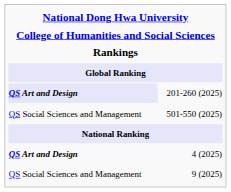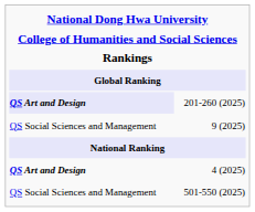 <table class="infobox" style="width:25em; text-align:center; font-size:88%; line-height:2em;">
 <tr>
 <td colspan=2 style="font-size:125%; font-weight:bold; text-align:center"><strong><a href='#'>National Dong Hwa University<br>College of Humanities and Social Sciences</a> Rankings</strong></td>
 </tr>
 <tr>
 <th colspan="2" style="background:lavender ;text-align:center">Global Ranking</th>
 </tr>
 <tr>
 <td style="background: lavender; text-align:left; width:70%"><strong><em><a href='#'>QS</a><em> Art and Design<strong></td>
 <td style="text-align:right;">201-260 (2025)</td>
 </tr>
 <tr>
 <td style="text-align:left; width:70%"></em></strong><a href='#'>QS</a></em> Social Sciences and Management‌</strong></td>
-<td style="text-align:right;">501-550 (2025)</td>
+<td style="text-align:right;">9 (2025)</td>
 </tr>
 <tr>
 <th colspan="2" style="background:lavender ;text-align:center">National Ranking</th>
 </tr>
 <tr>
 <td style="text-align:left;"><strong><em><a href='#'>QS</a><em> Art and Design<strong></td>
 <td style="text-align:right;">4 (2025)</td>
 </tr>
 <tr>
 <td style="text-align:left; width:70%"></em></strong><a href='#'>QS</a></em> Social Sciences and Management‌</strong></td>
-<td style="text-align:right;">9 (2025)</td>
+<td style="text-align:right;">501-550 (2025)</td>
 </tr>
 </table>
